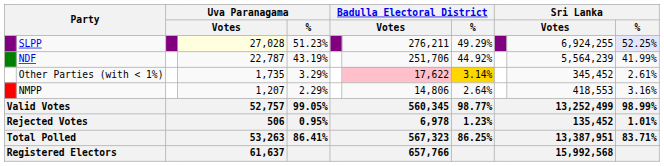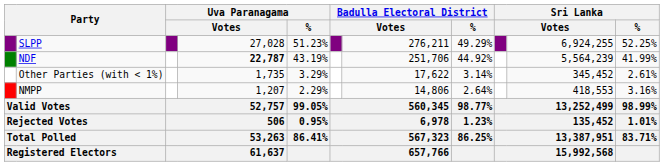 <table class="wikitable">
 <tr>
 <th colspan="2" width="144px"rowspan="2">Party</th>
 <th colspan="3" width="216px">Uva Paranagama</th>
 <th colspan="3" width="216px"><a href='#'>Badulla Electoral District</a></th>
 <th colspan="3" width="216px">Sri Lanka</th>
 </tr>
 <tr>
 <th colspan="2" width="144px">Votes</th>
 <th>%</th>
 <th colspan="2" width="144px">Votes</th>
 <th>%</th>
 <th colspan="2" width="144px">Votes</th>
 <th>%</th>
 </tr>
 <tr>
 <td style="background-color:purple;" width="10px"></td>
 <td style="text-align:left;"><a href='#'>SLPP</a></td>
 <td style="background-color:purple;" width="10px"></td>
-<td style="background: lightyellow; text-align:right;">27,028</td>
+<td style="text-align:right;">27,028</td>
 <td style="text-align:right;">51.23%</td>
 <td style="background-color:purple;" width="10px"></td>
 <td style="text-align:right;">276,211</td>
 <td style="text-align:right;">49.29%</td>
 <td style="background-color:purple;" width="10px"></td>
 <td style="text-align:right;">6,924,255</td>
-<td style="background: lavender; text-align:right;">52.25%</td>
+<td style="text-align:right;">52.25%</td>
 </tr>
 <tr>
 <td style="background-color:green;" width="10px"></td>
 <td style="text-align:left;"><a href='#'>NDF</a></td>
 <td style="background-color:white;" width="10px"></td>
-<td style="text-align:right;">22,787</td>
+<td style="text-align:right;"><strong>22,787</strong></td>
 <td style="text-align:right;">43.19%</td>
 <td style="background-color:white;" width="10px"></td>
 <td style="text-align:right;">251,706</td>
 <td style="text-align:right;">44.92%</td>
 <td style="background-color:white;" width="10px"></td>
 <td style="text-align:right;">5,564,239</td>
 <td style="text-align:right;">41.99%</td>
 </tr>
 <tr>
 <td style="background-color:white;" width="10px"></td>
 <td style="text-align:left;">Other Parties (with < 1%)</td>
 <td style="background-color:white;" width="10px"></td>
 <td style="text-align:right;">1,735</td>
 <td style="text-align:right;">3.29%</td>
 <td style="background-color:white;" width="10px"></td>
-<td style="background: pink; text-align:right;">17,622</td>
-<td style="background: gold; text-align:right;">3.14%</td>
+<td style="text-align:right;">17,622</td>
+<td style="text-align:right;">3.14%</td>
 <td style="background-color:white;" width="10px"></td>
 <td style="text-align:right;">345,452</td>
 <td style="text-align:right;">2.61%</td>
 </tr>
 <tr>
 <td style="background-color:red;" width="10px"></td>
 <td style="text-align:left;">NMPP</td>
 <td style="background-color:white;" width="10px"></td>
 <td style="text-align:right;">1,207</td>
 <td style="text-align:right;">2.29%</td>
 <td style="background-color:white;" width="10px"></td>
 <td style="text-align:right;">14,806</td>
 <td style="text-align:right;">2.64%</td>
 <td style="background-color:white;" width="10px"></td>
 <td style="text-align:right;">418,553</td>
 <td style="text-align:right;">3.16%</td>
 </tr>
 <tr>
 <th colspan="2" width="144px"style="text-align:left;">Valid Votes</th>
 <th style="text-align:right;"colspan="2" width="144px">52,757</th>
 <th style="text-align:right;">99.05%</th>
 <th style="text-align:right;"colspan="2" width="144px">560,345</th>
 <th style="text-align:right;">98.77%</th>
 <th style="text-align:right;"colspan="2" width="144px">13,252,499</th>
 <th style="text-align:right;">98.99%</th>
 </tr>
 <tr>
 <th colspan="2" width="144px"style="text-align:left;">Rejected Votes</th>
 <th style="text-align:right;"colspan="2" width="144px">506</th>
 <th style="text-align:right;">0.95%</th>
 <th style="text-align:right;"colspan="2" width="144px">6,978</th>
 <th style="text-align:right;">1.23%</th>
 <th style="text-align:right;"colspan="2" width="144px">135,452</th>
 <th style="text-align:right;">1.01%</th>
 </tr>
 <tr>
 <th colspan="2" width="144px"style="text-align:left;">Total Polled</th>
 <th style="text-align:right;"colspan="2" width="144px">53,263</th>
 <th style="text-align:right;">86.41%</th>
 <th style="text-align:right;"colspan="2" width="144px">567,323</th>
 <th style="text-align:right;">86.25%</th>
 <th style="text-align:right;"colspan="2" width="144px">13,387,951</th>
 <th style="text-align:right;">83.71%</th>
 </tr>
 <tr>
 <th colspan="2" width="144px"style="text-align:left;">Registered Electors</th>
 <th style="text-align:right;"colspan="2" width="144px">61,637</th>
 <th></th>
 <th style="text-align:right;"colspan="2" width="144px">657,766</th>
 <th></th>
 <th style="text-align:right;"colspan="2" width="144px">15,992,568</th>
 <th></th>
 </tr>
 </table>
